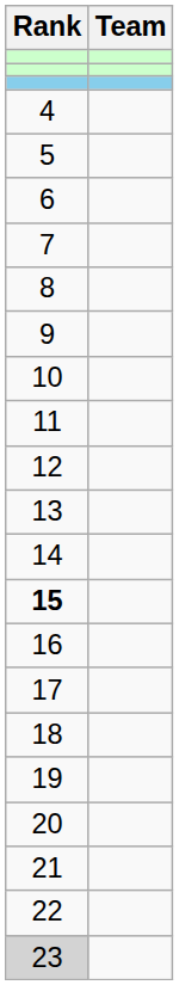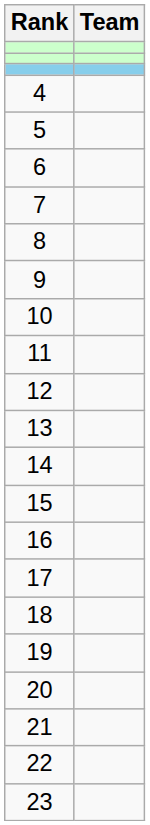 <table class="wikitable" style="text-align:center">
 <tr>
 <th width=40>Rank</th>
 <th>Team</th>
 </tr>
 <tr bgcolor=#ccffcc>
 <td></td>
 <td style="text-align:left"></td>
 </tr>
 <tr bgcolor=#ccffcc>
 <td></td>
 <td style="text-align:left"></td>
 </tr>
 <tr bgcolor=#87ceeb>
 <td></td>
 <td style="text-align:left"></td>
 </tr>
 <tr>
 <td>4</td>
 <td style="text-align:left"></td>
 </tr>
 <tr>
 <td>5</td>
 <td style="text-align:left"></td>
 </tr>
 <tr>
 <td>6</td>
 <td style="text-align:left"></td>
 </tr>
 <tr>
 <td>7</td>
 <td style="text-align:left"></td>
 </tr>
 <tr>
 <td>8</td>
 <td style="text-align:left"></td>
 </tr>
 <tr>
 <td>9</td>
 <td style="text-align:left"></td>
 </tr>
 <tr>
 <td>10</td>
 <td style="text-align:left"></td>
 </tr>
 <tr>
 <td>11</td>
 <td style="text-align:left"></td>
 </tr>
 <tr>
 <td>12</td>
 <td style="text-align:left"></td>
 </tr>
 <tr>
 <td>13</td>
 <td style="text-align:left"></td>
 </tr>
 <tr>
 <td>14</td>
 <td style="text-align:left"></td>
 </tr>
 <tr>
-<td><strong>15</strong></td>
+<td>15</td>
 <td style="text-align:left"></td>
 </tr>
 <tr>
 <td>16</td>
 <td style="text-align:left"></td>
 </tr>
 <tr>
 <td>17</td>
 <td style="text-align:left"></td>
 </tr>
 <tr>
 <td>18</td>
 <td style="text-align:left"></td>
 </tr>
 <tr>
 <td>19</td>
 <td style="text-align:left"></td>
 </tr>
 <tr>
 <td>20</td>
 <td style="text-align:left"></td>
 </tr>
 <tr>
 <td>21</td>
 <td style="text-align:left"></td>
 </tr>
 <tr>
 <td>22</td>
 <td style="text-align:left"></td>
 </tr>
 <tr>
-<td style="background: lightgrey;">23</td>
+<td>23</td>
 <td style="text-align:left"></td>
 </tr>
 </table>
